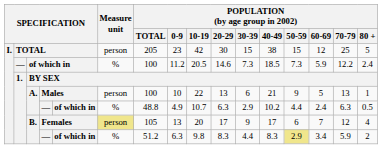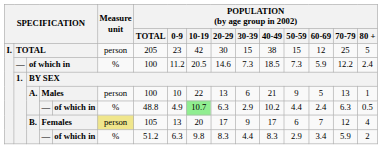 <table class="wikitable" style="font-size:85%; text-align:center">
 <tr>
 <th rowspan="2" colspan="5">SPECIFICATION</th>
 <th rowspan="2">Measure<br> unit</th>
 <th colspan="10" rowspan="1">POPULATION<br> (by age group in 2002)</th>
 </tr>
 <tr>
 <th>TOTAL</th>
 <th>0-9</th>
 <th>10-19</th>
 <th>20-29</th>
 <th>30-39</th>
 <th>40-49</th>
 <th>50-59</th>
 <th>60-69</th>
 <th>70-79</th>
 <th>80 +</th>
 </tr>
 <tr>
 <th style="text-align:left" valign="top" rowspan="7">I.</th>
 <th style="text-align:left" colspan="4">TOTAL</th>
 <td>person</td>
 <td>205</td>
 <td>23</td>
 <td>42</td>
 <td>30</td>
 <td>15</td>
 <td>38</td>
 <td>15</td>
 <td>12</td>
 <td>25</td>
 <td>5</td>
 </tr>
 <tr>
 <th style="text-align:left" valign="top">—</th>
 <th style="text-align:left" colspan="3">of which in</th>
 <td>%</td>
 <td>100</td>
 <td>11.2</td>
 <td>20.5</td>
 <td>14.6</td>
 <td>7.3</td>
 <td>18.5</td>
 <td>7.3</td>
 <td>5.9</td>
 <td>12.2</td>
 <td>2.4</td>
 </tr>
 <tr>
 <th style="text-align:left" valign="top" rowspan="5">1.</th>
 <th style="text-align:left" colspan="14">BY SEX</th>
 </tr>
 <tr>
 <th style="text-align:left" valign="top" rowspan="2">A.</th>
 <th style="text-align:left" colspan="2">Males</th>
 <td>person</td>
 <td>100</td>
 <td>10</td>
 <td>22</td>
 <td>13</td>
 <td>6</td>
 <td>21</td>
 <td>9</td>
 <td>5</td>
 <td>13</td>
 <td>1</td>
 </tr>
 <tr>
 <th style="text-align:left" valign="top">—</th>
 <th style="text-align:left" colspan="1">of which in</th>
 <td>%</td>
 <td>48.8</td>
 <td>4.9</td>
-<td>10.7</td>
+<td style="background: lightgreen;">10.7</td>
 <td>6.3</td>
 <td>2.9</td>
 <td>10.2</td>
 <td>4.4</td>
 <td>2.4</td>
 <td>6.3</td>
 <td>0.5</td>
 </tr>
 <tr>
 <th style="text-align:left" valign="top" rowspan="2">B.</th>
 <th style="text-align:left" colspan="2">Females</th>
 <td style="background: khaki;">person</td>
 <td>105</td>
 <td>13</td>
 <td>20</td>
 <td>17</td>
 <td>9</td>
 <td>17</td>
 <td>6</td>
 <td>7</td>
 <td>12</td>
 <td>4</td>
 </tr>
 <tr>
 <th style="text-align:left" valign="top">—</th>
 <th style="text-align:left" colspan="1">of which in</th>
 <td>%</td>
 <td>51.2</td>
 <td>6.3</td>
 <td>9.8</td>
 <td>8.3</td>
 <td>4.4</td>
 <td>8.3</td>
-<td style="background: khaki;">2.9</td>
+<td>2.9</td>
 <td>3.4</td>
 <td>5.9</td>
 <td>2</td>
 </tr>
 </table>
